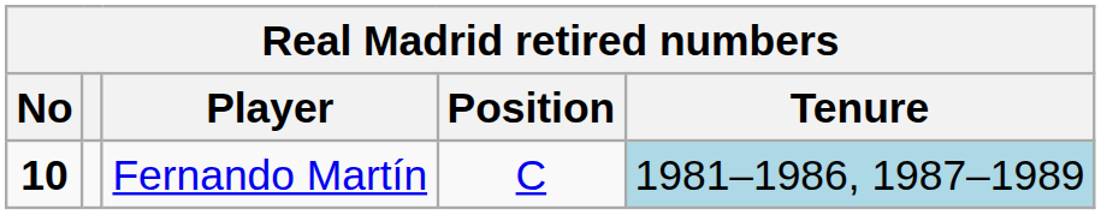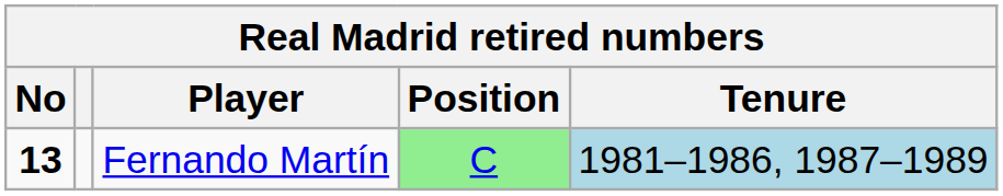 <table class="wikitable sortable" style="font-size: 95%; text-align:center;">
 <tr>
 <th colspan=6>Real Madrid retired numbers</th>
 </tr>
 <tr>
 <th>No</th>
 <th></th>
 <th>Player</th>
 <th>Position</th>
 <th>Tenure</th>
 </tr>
 <tr>
-<td><strong>10</strong></td>
+<td><strong>13</strong></td>
 <td></td>
 <td><a href='#'>Fernando Martín</a></td>
-<td><a href='#'>C</a></td>
+<td style="background: lightgreen;"><a href='#'>C</a></td>
 <td style="background: lightblue;">1981–1986, 1987–1989</td>
 </tr>
 </table>
